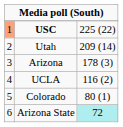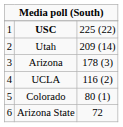 <table class="wikitable">
 <tr align="center">
 <td align="center" Colspan="3"><strong>Media poll (South)</strong></td>
 </tr>
 <tr align="center">
 </tr>
 <tr align="center">
-<td style="background: lightsalmon;">1</td>
+<td>1</td>
 <td><strong>USC</strong></td>
 <td>225 (22)</td>
 </tr>
 <tr align="center">
 <td>2</td>
 <td>Utah</td>
 <td>209 (14)</td>
 </tr>
 <tr align="center">
 <td>3</td>
 <td>Arizona</td>
 <td>178 (3)</td>
 </tr>
 <tr align="center">
 <td>4</td>
 <td>UCLA</td>
 <td>116 (2)</td>
 </tr>
 <tr align="center">
 <td>5</td>
 <td>Colorado</td>
 <td>80 (1)</td>
 </tr>
 <tr align="center">
 <td>6</td>
 <td>Arizona State</td>
-<td style="background: paleturquoise;">72</td>
+<td>72</td>
 </tr>
 </table>
